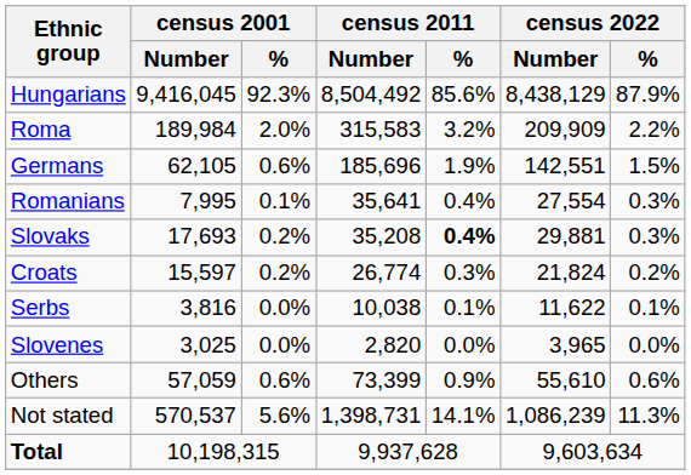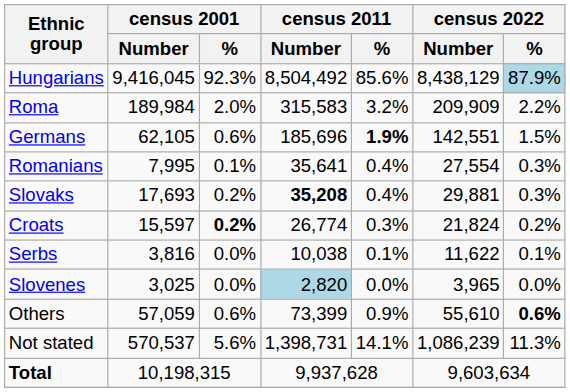 <table class="wikitable" style="text-align: right;">
 <tr bgcolor="#e0e0e0">
 <th rowspan="2">Ethnic<br>group</th>
 <th colspan="2">census 2001</th>
 <th colspan="2">census 2011</th>
 <th colspan="2">census 2022</th>
 </tr>
 <tr bgcolor="#e0e0e0">
 <th>Number</th>
 <th>%</th>
 <th>Number</th>
 <th>%</th>
 <th>Number</th>
 <th>%</th>
 </tr>
 <tr>
 <td align="left"><a href='#'>Hungarians</a></td>
 <td>9,416,045</td>
 <td>92.3%</td>
 <td>8,504,492</td>
 <td>85.6%</td>
 <td>8,438,129</td>
-<td>87.9%</td>
+<td style="background: lightblue;">87.9%</td>
 </tr>
 <tr>
 <td align="left"><a href='#'>Roma</a></td>
 <td>189,984</td>
 <td>2.0%</td>
 <td>315,583</td>
 <td>3.2%</td>
 <td>209,909</td>
 <td>2.2%</td>
 </tr>
 <tr>
 <td align="left"><a href='#'>Germans</a></td>
 <td>62,105</td>
 <td>0.6%</td>
 <td>185,696</td>
-<td>1.9%</td>
+<td><strong>1.9%</strong></td>
 <td>142,551</td>
 <td>1.5%</td>
 </tr>
 <tr>
 <td align="left"><a href='#'>Romanians</a></td>
 <td>7,995</td>
 <td>0.1%</td>
 <td>35,641</td>
 <td>0.4%</td>
 <td>27,554</td>
 <td>0.3%</td>
 </tr>
 <tr>
 <td align="left"><a href='#'>Slovaks</a></td>
 <td>17,693</td>
 <td>0.2%</td>
-<td>35,208</td>
-<td><strong>0.4%</strong></td>
+<td><strong>35,208</strong></td>
+<td>0.4%</td>
 <td>29,881</td>
 <td>0.3%</td>
 </tr>
 <tr>
 <td align="left"><a href='#'>Croats</a></td>
 <td>15,597</td>
-<td>0.2%</td>
+<td><strong>0.2%</strong></td>
 <td>26,774</td>
 <td>0.3%</td>
 <td>21,824</td>
 <td>0.2%</td>
 </tr>
 <tr>
 <td align="left"><a href='#'>Serbs</a></td>
 <td>3,816</td>
 <td>0.0%</td>
 <td>10,038</td>
 <td>0.1%</td>
 <td>11,622</td>
 <td>0.1%</td>
 </tr>
 <tr>
 <td align="left"><a href='#'>Slovenes</a></td>
 <td>3,025</td>
 <td>0.0%</td>
-<td>2,820</td>
+<td style="background: lightblue;">2,820</td>
 <td>0.0%</td>
 <td>3,965</td>
 <td>0.0%</td>
 </tr>
 <tr>
 <td align="left">Others</td>
 <td>57,059</td>
 <td>0.6%</td>
 <td>73,399</td>
 <td>0.9%</td>
 <td>55,610</td>
-<td>0.6%</td>
+<td><strong>0.6%</strong></td>
 </tr>
 <tr>
 <td align="left">Not stated</td>
 <td>570,537</td>
 <td>5.6%</td>
 <td>1,398,731</td>
 <td>14.1%</td>
 <td>1,086,239</td>
 <td>11.3%</td>
 </tr>
 <tr>
 <td align="left"><strong>Total</strong></td>
 <td colspan="2" align="center">10,198,315</td>
 <td colspan="2" align="center">9,937,628</td>
 <td colspan="2" align="center">9,603,634</td>
 </tr>
 <tr>
 </tr>
 </table>
